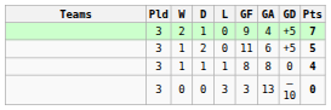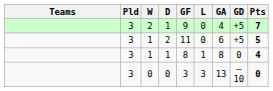 <table class="wikitable" style="text-align: center;">
 <tr>
 <th width=165>Teams</th>
 <th width=20>Pld</th>
 <th width=20>W</th>
 <th width=20>D</th>
+<th width=20>GF</th>
 <th width=20>L</th>
-<th width=20>GF</th>
 <th width=20>GA</th>
 <th width=20>GD</th>
 <th width=20>Pts</th>
 </tr>
 <tr align=center style="background:#ccffcc;">
 <td style="text-align:left;"></td>
 <td>3</td>
 <td>2</td>
 <td>1</td>
+<td>9</td>
 <td>0</td>
-<td>9</td>
 <td>4</td>
 <td>+5</td>
 <td><strong>7</strong></td>
 </tr>
 <tr align=center>
 <td style="text-align:left;"></td>
 <td>3</td>
 <td>1</td>
 <td>2</td>
+<td>11</td>
 <td>0</td>
-<td>11</td>
 <td>6</td>
 <td>+5</td>
 <td><strong>5</strong></td>
 </tr>
 <tr align=center>
 <td style="text-align:left;"></td>
 <td>3</td>
 <td>1</td>
 <td>1</td>
+<td>8</td>
 <td>1</td>
-<td>8</td>
 <td>8</td>
 <td>0</td>
 <td><strong>4</strong></td>
 </tr>
 <tr align=center>
 <td style="text-align:left;"></td>
 <td>3</td>
 <td>0</td>
 <td>0</td>
 <td>3</td>
 <td>3</td>
 <td>13</td>
 <td>–10</td>
 <td><strong>0</strong></td>
 </tr>
 </table>
